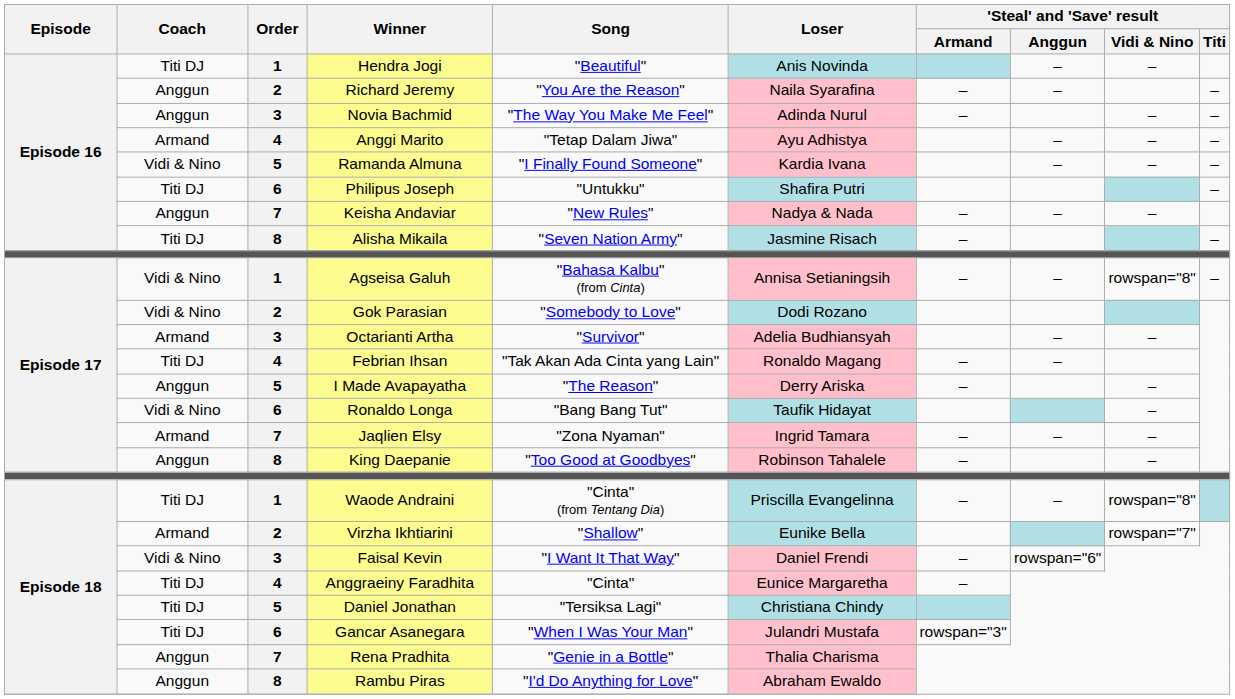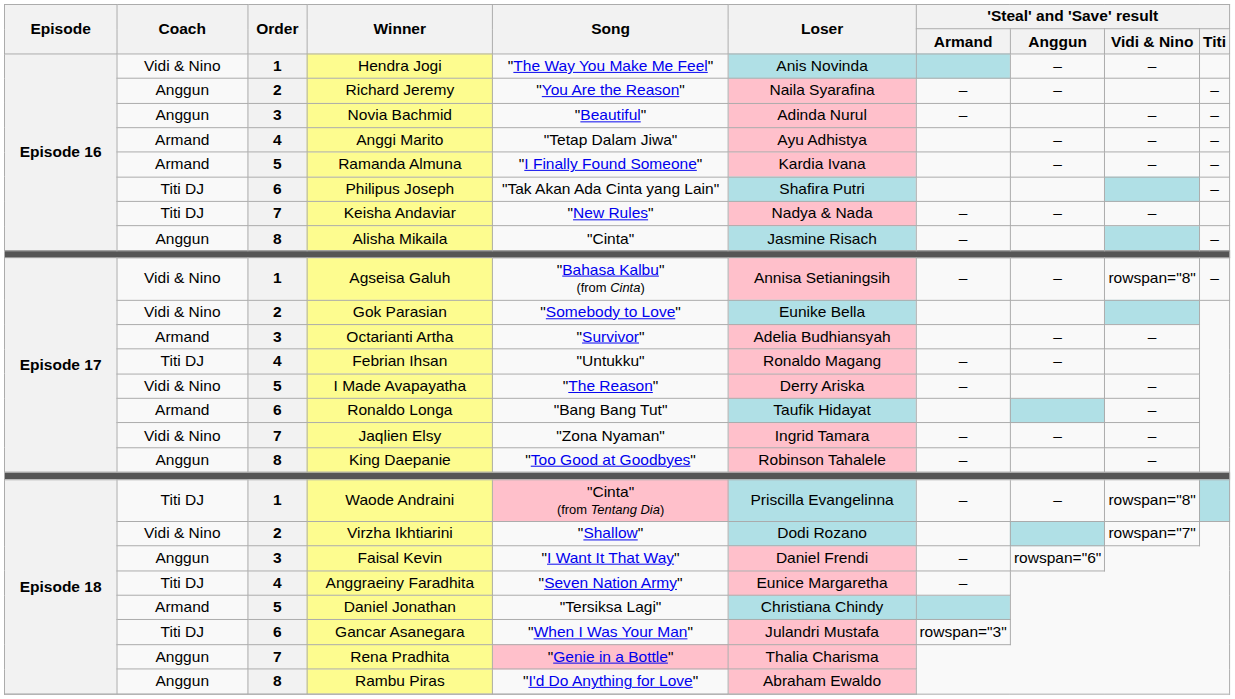 <table class="wikitable" style="text-align: center; width:100%;">
 <tr>
 <th rowspan="2" style="width:10%;">Episode</th>
 <th rowspan="2" style="width:12%;">Coach</th>
 <th rowspan="2" style="width:05%;">Order</th>
 <th rowspan="2" style="width:17%;">Winner</th>
 <th rowspan="2" style="width:22%;">Song</th>
 <th rowspan="2" style="width:17%;">Loser</th>
 <th colspan="4" style="width:24%;">'Steal' and 'Save' result</th>
 </tr>
 <tr>
 <th style="width:06%;">Armand</th>
 <th style="width:06%;">Anggun</th>
 <th style="width:06%;">Vidi & Nino</th>
 <th style="width:06%;">Titi</th>
 </tr>
 <tr>
 <th rowspan="8">Episode 16<br><small></small></th>
-<td>Titi DJ</td>
+<td>Vidi & Nino</td>
 <th>1</th>
 <td style="background:#FDFC8F;">Hendra Jogi</td>
-<td>"<a href='#'>Beautiful</a>"</td>
+<td>"<a href='#'>The Way You Make Me Feel</a>"</td>
 <td style="background:#B0E0E6;">Anis Novinda</td>
 <td style="background:#B0E0E6;"><strong></strong></td>
 <td>–</td>
 <td>–</td>
 <td></td>
 </tr>
 <tr>
 <td>Anggun</td>
 <th>2</th>
 <td style="background:#FDFC8F;">Richard Jeremy</td>
 <td>"<a href='#'>You Are the Reason</a>"</td>
 <td style="background:pink;">Naila Syarafina</td>
 <td>–</td>
 <td>–</td>
 <td></td>
 <td>–</td>
 </tr>
 <tr>
 <td>Anggun</td>
 <th>3</th>
 <td style="background:#FDFC8F;">Novia Bachmid</td>
-<td>"<a href='#'>The Way You Make Me Feel</a>"</td>
+<td>"<a href='#'>Beautiful</a>"</td>
 <td style="background:pink;">Adinda Nurul</td>
 <td>–</td>
 <td></td>
 <td>–</td>
 <td>–</td>
 </tr>
 <tr>
 <td>Armand</td>
 <th>4</th>
 <td style="background:#FDFC8F;">Anggi Marito</td>
 <td>"Tetap Dalam Jiwa"</td>
 <td style="background:pink;">Ayu Adhistya</td>
 <td></td>
 <td>–</td>
 <td>–</td>
 <td>–</td>
 </tr>
 <tr>
-<td>Vidi & Nino</td>
+<td>Armand</td>
 <th>5</th>
 <td style="background:#FDFC8F;">Ramanda Almuna</td>
 <td>"<a href='#'>I Finally Found Someone</a>"</td>
 <td style="background:pink;">Kardia Ivana</td>
 <td></td>
 <td>–</td>
 <td>–</td>
 <td>–</td>
 </tr>
 <tr>
 <td>Titi DJ</td>
 <th>6</th>
 <td style="background:#FDFC8F;">Philipus Joseph</td>
-<td>"Untukku"</td>
+<td>"Tak Akan Ada Cinta yang Lain"</td>
 <td style="background:#B0E0E6;">Shafira Putri</td>
 <td><strong></strong></td>
 <td><strong></strong></td>
 <td style="background:#B0E0E6;"><strong></strong></td>
 <td>–</td>
 </tr>
 <tr>
-<td>Anggun</td>
+<td>Titi DJ</td>
 <th>7</th>
 <td style="background:#FDFC8F;">Keisha Andaviar</td>
 <td>"<a href='#'>New Rules</a>"</td>
 <td style="background:pink;">Nadya & Nada</td>
 <td>–</td>
 <td>–</td>
 <td>–</td>
 <td></td>
 </tr>
 <tr>
-<td>Titi DJ</td>
+<td>Anggun</td>
 <th>8</th>
 <td style="background:#FDFC8F;">Alisha Mikaila</td>
-<td>"<a href='#'>Seven Nation Army</a>"</td>
+<td>"Cinta"</td>
 <td style="background:#B0E0E6;">Jasmine Risach</td>
 <td>–</td>
 <td></td>
 <td style="background:#B0E0E6;"><strong></strong></td>
 <td>–</td>
 </tr>
 <tr>
 <td colspan="10" style="background:#555;"></td>
 </tr>
 <tr>
 <th rowspan="8">Episode 17<br><small></small></th>
 <td>Vidi & Nino</td>
 <th>1</th>
 <td style="background:#FDFC8F;">Agseisa Galuh</td>
 <td>"<a href='#'>Bahasa Kalbu</a>"<br><small>(from <em>Cinta</em>)</small></td>
 <td style="background:pink;">Annisa Setianingsih</td>
 <td>–</td>
 <td>–</td>
 <td>rowspan="8" </td>
 <td>–</td>
 </tr>
 <tr>
 <td>Vidi & Nino</td>
 <th>2</th>
 <td style="background:#FDFC8F;">Gok Parasian</td>
 <td>"<a href='#'>Somebody to Love</a>"</td>
-<td style="background:#B0E0E6;">Dodi Rozano</td>
+<td style="background:#B0E0E6;">Eunike Bella</td>
 <td><strong></strong></td>
 <td><strong></strong></td>
 <td style="background:#B0E0E6;"><strong></strong></td>
 </tr>
 <tr>
 <td>Armand</td>
 <th>3</th>
 <td style="background:#FDFC8F;">Octarianti Artha</td>
 <td>"<a href='#'>Survivor</a>"</td>
 <td style="background:pink;">Adelia Budhiansyah</td>
 <td></td>
 <td>–</td>
 <td>–</td>
 </tr>
 <tr>
 <td>Titi DJ</td>
 <th>4</th>
 <td style="background:#FDFC8F;">Febrian Ihsan</td>
-<td>"Tak Akan Ada Cinta yang Lain"</td>
+<td>"Untukku"</td>
 <td style="background:pink;">Ronaldo Magang</td>
 <td>–</td>
 <td>–</td>
 <td></td>
 </tr>
 <tr>
-<td>Anggun</td>
+<td>Vidi & Nino</td>
 <th>5</th>
 <td style="background:#FDFC8F;">I Made Avapayatha</td>
 <td>"<a href='#'>The Reason</a>"</td>
 <td style="background:pink;">Derry Ariska</td>
 <td>–</td>
 <td></td>
 <td>–</td>
 </tr>
 <tr>
-<td>Vidi & Nino</td>
+<td>Armand</td>
 <th>6</th>
 <td style="background:#FDFC8F;">Ronaldo Longa</td>
 <td>"Bang Bang Tut"</td>
 <td style="background:#B0E0E6;">Taufik Hidayat</td>
 <td></td>
 <td style="background:#B0E0E6;"><strong></strong></td>
 <td>–</td>
 </tr>
 <tr>
-<td>Armand</td>
+<td>Vidi & Nino</td>
 <th>7</th>
 <td style="background:#FDFC8F;">Jaqlien Elsy</td>
 <td>"Zona Nyaman"</td>
 <td style="background:pink;">Ingrid Tamara</td>
 <td>–</td>
 <td>–</td>
 <td>–</td>
 </tr>
 <tr>
 <td>Anggun</td>
 <th>8</th>
 <td style="background:#FDFC8F;">King Daepanie</td>
 <td>"<a href='#'>Too Good at Goodbyes</a>"</td>
 <td style="background:pink;">Robinson Tahalele</td>
 <td>–</td>
 <td></td>
 <td>–</td>
 </tr>
 <tr>
 <td colspan="10" style="background:#555;"></td>
 </tr>
 <tr>
 <th rowspan="8">Episode 18<br><small></small></th>
 <td>Titi DJ</td>
 <th>1</th>
 <td style="background:#FDFC8F;">Waode Andraini</td>
-<td>"Cinta"<br><small>(from <em>Tentang Dia</em>)</small></td>
+<td style="background: pink;">"Cinta"<br><small>(from <em>Tentang Dia</em>)</small></td>
 <td style="background:#B0E0E6;">Priscilla Evangelinna</td>
 <td>–</td>
 <td>–</td>
 <td>rowspan="8" </td>
 <td style="background:#B0E0E6;"><strong></strong></td>
 </tr>
 <tr>
-<td>Armand</td>
+<td>Vidi & Nino</td>
 <th>2</th>
 <td style="background:#FDFC8F;">Virzha Ikhtiarini</td>
 <td>"<a href='#'>Shallow</a>"</td>
-<td style="background:#B0E0E6;">Eunike Bella</td>
+<td style="background:#B0E0E6;">Dodi Rozano</td>
 <td><strong></strong></td>
 <td style="background:#B0E0E6;"><strong></strong></td>
 <td>rowspan="7" </td>
 </tr>
 <tr>
-<td>Vidi & Nino</td>
+<td>Anggun</td>
 <th>3</th>
 <td style="background:#FDFC8F;">Faisal Kevin</td>
 <td>"<a href='#'>I Want It That Way</a>"</td>
 <td style="background:pink;">Daniel Frendi</td>
 <td>–</td>
 <td>rowspan="6" </td>
 </tr>
 <tr>
 <td>Titi DJ</td>
 <th>4</th>
 <td style="background:#FDFC8F;">Anggraeiny Faradhita</td>
-<td>"Cinta"</td>
+<td>"<a href='#'>Seven Nation Army</a>"</td>
 <td style="background:pink;">Eunice Margaretha</td>
 <td>–</td>
 </tr>
 <tr>
-<td>Titi DJ</td>
+<td>Armand</td>
 <th>5</th>
 <td style="background:#FDFC8F;">Daniel Jonathan</td>
 <td>"Tersiksa Lagi"</td>
 <td style="background:#B0E0E6;">Christiana Chindy</td>
 <td style="background:#B0E0E6;"><strong></strong></td>
 </tr>
 <tr>
 <td>Titi DJ</td>
 <th>6</th>
 <td style="background:#FDFC8F;">Gancar Asanegara</td>
 <td>"<a href='#'>When I Was Your Man</a>"</td>
 <td style="background:pink;">Julandri Mustafa</td>
 <td>rowspan="3" </td>
 </tr>
 <tr>
 <td>Anggun</td>
 <th>7</th>
 <td style="background:#FDFC8F;">Rena Pradhita</td>
-<td>"<a href='#'>Genie in a Bottle</a>"</td>
+<td style="background: pink;">"<a href='#'>Genie in a Bottle</a>"</td>
 <td style="background:pink;">Thalia Charisma</td>
 </tr>
 <tr>
 <td>Anggun</td>
 <th>8</th>
 <td style="background:#FDFC8F;">Rambu Piras</td>
 <td>"<a href='#'>I'd Do Anything for Love</a>"</td>
 <td style="background:pink;">Abraham Ewaldo</td>
 </tr>
 <tr>
 </tr>
 </table>
